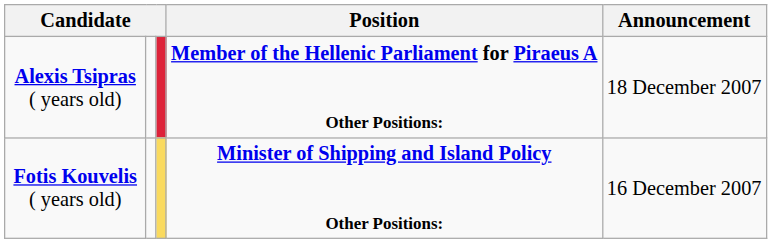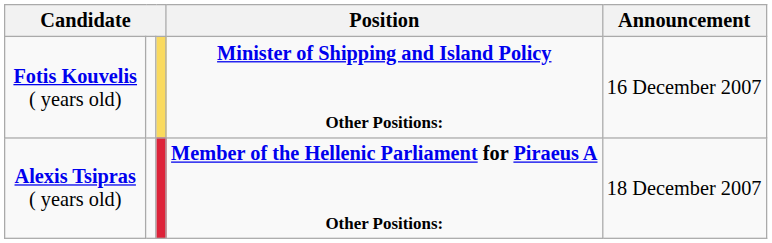 <table class="wikitable" style="text-align:center;">
 <tr>
 <th colspan="3" width="120">Candidate</th>
 <th>Position</th>
 <th>Announcement</th>
+</tr>
+<tr>
+<td><strong><a href='#'>Fotis Kouvelis</a></strong><br>( years old)</td>
+<td></td>
+<td width="1px" style="background:#FADA5E"></td>
+<td><strong><a href='#'>Minister of Shipping and Island Policy</a></strong><br><br><br><small><strong>Other Positions:</strong></small> </td>
+<td>16 December 2007</td>
 </tr>
 <tr>
 <td><strong><a href='#'>Alexis Tsipras</a></strong><br>( years old)</td>
 <td></td>
 <td width="1px" style="background:#DD2239"></td>
 <td><strong><a href='#'>Member of the Hellenic Parliament</a> for <a href='#'>Piraeus A</a> </strong><br><br><br><small><strong>Other Positions:</strong></small> </td>
 <td>18 December 2007</td>
 </tr>
-<tr>
-<td><strong><a href='#'>Fotis Kouvelis</a></strong><br>( years old)</td>
-<td></td>
-<td width="1px" style="background:#FADA5E"></td>
-<td><strong><a href='#'>Minister of Shipping and Island Policy</a></strong><br><br><br><small><strong>Other Positions:</strong></small> </td>
-<td>16 December 2007</td>
-</tr>
 </table>
